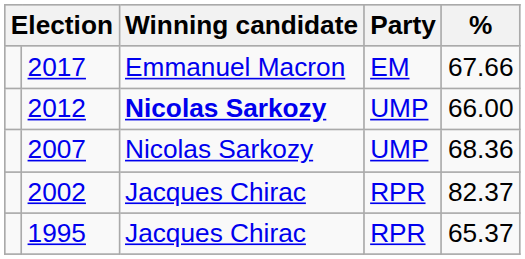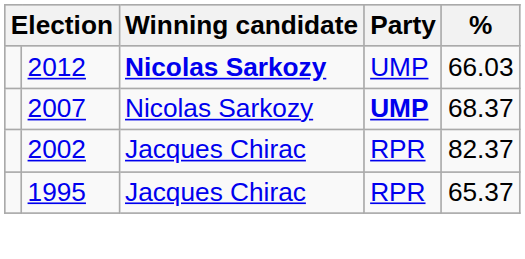 <table class="wikitable">
 <tr>
 <th colspan="2">Election</th>
 <th>Winning candidate</th>
 <th>Party</th>
 <th>%</th>
 </tr>
 <tr>
 <td style="background-color: "></td>
-<td><a href='#'>2017</a></td>
-<td><a href='#'>Emmanuel Macron</a></td>
-<td><a href='#'>EM</a></td>
-<td>67.66</td>
-</tr>
-<tr>
-<td style="background-color: "></td>
 <td><a href='#'>2012</a></td>
 <td><strong><a href='#'>Nicolas Sarkozy</a></strong></td>
 <td><a href='#'>UMP</a></td>
-<td>66.00</td>
+<td>66.03</td>
 </tr>
 <tr>
 <td style="background-color: "></td>
 <td><a href='#'>2007</a></td>
 <td><a href='#'>Nicolas Sarkozy</a></td>
-<td><a href='#'>UMP</a></td>
-<td>68.36</td>
+<td><strong><a href='#'>UMP</a></strong></td>
+<td>68.37</td>
 </tr>
 <tr>
 <td style="background-color: "></td>
 <td><a href='#'>2002</a></td>
 <td><a href='#'>Jacques Chirac</a></td>
 <td><a href='#'>RPR</a></td>
 <td>82.37</td>
 </tr>
 <tr>
 <td style="background-color: "></td>
 <td><a href='#'>1995</a></td>
 <td><a href='#'>Jacques Chirac</a></td>
 <td><a href='#'>RPR</a></td>
 <td>65.37</td>
 </tr>
 </table>
